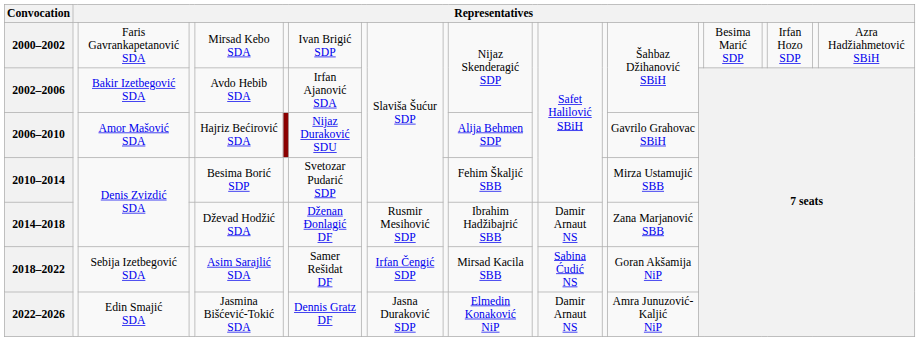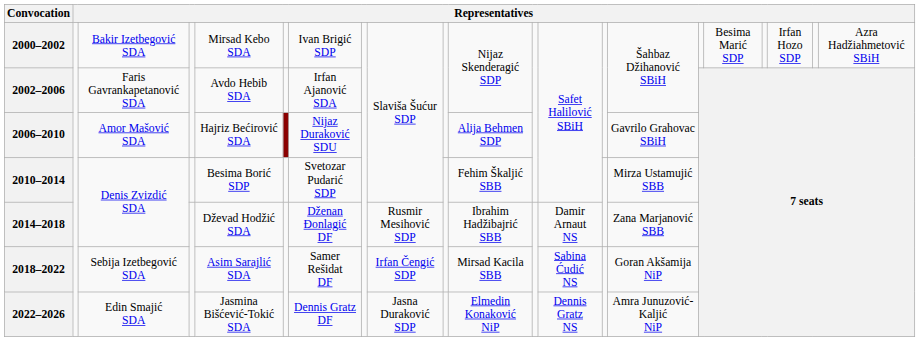 <table class="wikitable" style="text-align:center">
 <tr>
 <th>Convocation</th>
 <th colspan=26>Representatives</th>
 </tr>
 <tr>
 <th>2000–2002</th>
 <td rowspan=7; style="background-color: "></td>
-<td rowspan=1>Faris Gavrankapetanović<br><a href='#'>SDA</a></td>
+<td rowspan=1><a href='#'>Bakir Izetbegović</a><br><a href='#'>SDA</a></td>
 <td rowspan=3; style="background-color: "></td>
 <td rowspan=1>Mirsad Kebo<br><a href='#'>SDA</a></td>
 <td rowspan=1; style="background-color: "></td>
 <td rowspan=1>Ivan Brigić<br><a href='#'>SDP</a></td>
 <td rowspan=7; style="background-color: "></td>
 <td rowspan=4>Slaviša Šućur<br><a href='#'>SDP</a></td>
 <td rowspan=3; style="background-color: "></td>
 <td rowspan=2>Nijaz Skenderagić<br><a href='#'>SDP</a></td>
 <td rowspan=4; style="background-color: "></td>
 <td rowspan=4><a href='#'>Safet Halilović</a><br><a href='#'>SBiH</a></td>
 <td rowspan=3; style="background-color: "></td>
 <td rowspan=2>Šahbaz Džihanović<br><a href='#'>SBiH</a></td>
 <td rowspan=1; style="background-color: "></td>
 <td rowspan=1>Besima Marić<br><a href='#'>SDP</a></td>
 <td rowspan=1; style="background-color: "></td>
 <td rowspan=1>Irfan Hozo<br><a href='#'>SDP</a></td>
 <td rowspan=1; style="background-color: "></td>
 <td rowspan=1>Azra Hadžiahmetović<br><a href='#'>SBiH</a></td>
 </tr>
 <tr>
 <th>2002–2006</th>
-<td rowspan=1><a href='#'>Bakir Izetbegović</a><br><a href='#'>SDA</a></td>
+<td rowspan=1>Faris Gavrankapetanović<br><a href='#'>SDA</a></td>
 <td rowspan=1>Avdo Hebib<br><a href='#'>SDA</a></td>
 <td rowspan=1; style="background-color: "></td>
 <td rowspan=1>Irfan Ajanović<br><a href='#'>SDA</a></td>
 <th colspan=6, rowspan=6>7 seats</th>
 </tr>
 <tr>
 <th>2006–2010</th>
 <td rowspan=1><a href='#'>Amor Mašović</a><br><a href='#'>SDA</a></td>
 <td rowspan=1>Hajriz Bećirović<br><a href='#'>SDA</a></td>
 <td rowspan=1; style="background-color: darkred"></td>
 <td rowspan=1><a href='#'>Nijaz Duraković</a><br><a href='#'>SDU</a></td>
 <td rowspan=1><a href='#'>Alija Behmen</a><br><a href='#'>SDP</a></td>
 <td rowspan=1>Gavrilo Grahovac<br><a href='#'>SBiH</a></td>
 </tr>
 <tr>
 <th>2010–2014</th>
 <td rowspan=2><a href='#'>Denis Zvizdić</a><br><a href='#'>SDA</a></td>
 <td rowspan=1; style="background-color: "></td>
 <td rowspan=1>Besima Borić<br><a href='#'>SDP</a></td>
 <td rowspan=1; style="background-color: "></td>
 <td rowspan=1>Svetozar Pudarić<br><a href='#'>SDP</a></td>
 <td rowspan=3; style="background-color: "></td>
 <td rowspan=1>Fehim Škaljić<br><a href='#'>SBB</a></td>
 <td rowspan=2; style="background-color: "></td>
 <td rowspan=1>Mirza Ustamujić<br><a href='#'>SBB</a></td>
 </tr>
 <tr>
 <th>2014–2018</th>
 <td rowspan=3; style="background-color: "></td>
 <td rowspan=1>Dževad Hodžić<br><a href='#'>SDA</a></td>
 <td rowspan=3; style="background-color: "></td>
 <td rowspan=1><a href='#'>Dženan Đonlagić</a><br><a href='#'>DF</a></td>
 <td rowspan=1>Rusmir Mesihović<br><a href='#'>SDP</a></td>
 <td rowspan=1>Ibrahim Hadžibajrić<br><a href='#'>SBB</a></td>
 <td rowspan=3; style="background-color: "></td>
 <td rowspan=1>Damir Arnaut<br><a href='#'>NS</a></td>
 <td rowspan=1>Zana Marjanović<br><a href='#'>SBB</a></td>
 </tr>
 <tr>
 <th>2018–2022</th>
 <td rowspan=1>Sebija Izetbegović<br><a href='#'>SDA</a></td>
 <td rowspan=1><a href='#'>Asim Sarajlić</a><br><a href='#'>SDA</a></td>
 <td rowspan=1>Samer Rešidat<br><a href='#'>DF</a></td>
 <td rowspan=1><a href='#'>Irfan Čengić</a><br><a href='#'>SDP</a></td>
 <td rowspan=1>Mirsad Kacila<br><a href='#'>SBB</a></td>
 <td rowspan=1><a href='#'>Sabina Ćudić</a><br><a href='#'>NS</a></td>
 <td rowspan=2; style="background-color: "></td>
 <td rowspan=1>Goran Akšamija<br><a href='#'>NiP</a></td>
 </tr>
 <tr>
 <th>2022–2026</th>
 <td rowspan=1>Edin Smajić<br><a href='#'>SDA</a></td>
 <td rowspan=1>Jasmina Bišćević-Tokić<br><a href='#'>SDA</a></td>
 <td rowspan=1><a href='#'>Dennis Gratz</a><br><a href='#'>DF</a></td>
 <td rowspan=1>Jasna Duraković<br><a href='#'>SDP</a></td>
 <td rowspan=1; style="background-color: "></td>
 <td rowspan=1><a href='#'>Elmedin Konaković</a><br><a href='#'>NiP</a></td>
-<td rowspan=1>Damir Arnaut<br><a href='#'>NS</a></td>
+<td rowspan=1><a href='#'>Dennis Gratz</a><br><a href='#'>NS</a></td>
 <td rowspan=1>Amra Junuzović-Kaljić<br><a href='#'>NiP</a></td>
 </tr>
 </table>
